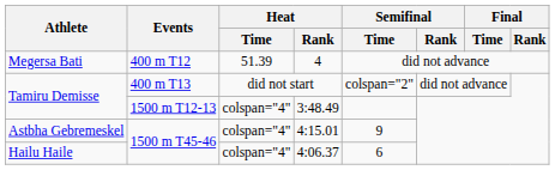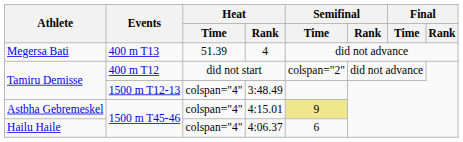 <table class=wikitable style="font-size:90%">
 <tr>
 <th rowspan="2">Athlete</th>
 <th rowspan="2">Events</th>
 <th colspan="2">Heat</th>
 <th colspan="2">Semifinal</th>
 <th colspan="2">Final</th>
 </tr>
 <tr>
 <th>Time</th>
 <th>Rank</th>
 <th>Time</th>
 <th>Rank</th>
 <th>Time</th>
 <th>Rank</th>
 </tr>
 <tr align=center>
 <td align=left><a href='#'>Megersa Bati</a></td>
-<td align=left><a href='#'>400 m T12</a></td>
+<td align=left><a href='#'>400 m T13</a></td>
 <td>51.39</td>
 <td>4</td>
 <td colspan=4>did not advance</td>
 </tr>
 <tr align=center>
 <td align=left rowspan=2><a href='#'>Tamiru Demisse</a></td>
-<td align=left><a href='#'>400 m T13</a></td>
+<td align=left><a href='#'>400 m T12</a></td>
 <td colspan=2>did not start</td>
 <td>colspan="2" </td>
 <td colspan=2>did not advance</td>
 </tr>
 <tr align=center>
 <td align=left><a href='#'>1500 m T12-13</a></td>
 <td>colspan="4" </td>
 <td>3:48.49</td>
 <td></td>
 </tr>
 <tr align=center>
 <td align=left><a href='#'>Astbha Gebremeskel</a></td>
 <td align=left rowspan=2><a href='#'>1500 m T45-46</a></td>
 <td>colspan="4" </td>
 <td>4:15.01</td>
-<td>9</td>
+<td style="background: khaki;">9</td>
 </tr>
 <tr align=center>
 <td align=left><a href='#'>Hailu Haile</a></td>
 <td>colspan="4" </td>
 <td>4:06.37</td>
 <td>6</td>
 </tr>
 </table>
